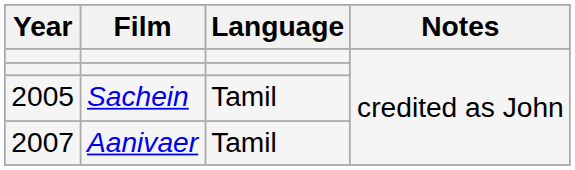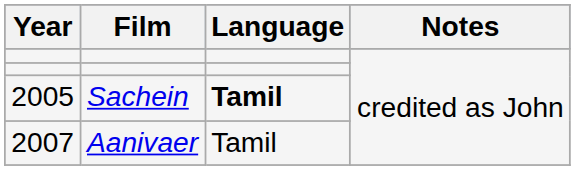 <table class="wikitable sortable" style="background:#f5f5f5;">
 <tr style="background:#B0C4DE;">
 <th>Year</th>
 <th>Film</th>
 <th>Language</th>
 <th class=unsortable>Notes</th>
 </tr>
 <tr>
 <td></td>
 <td></td>
 <td></td>
 <td rowspan="4">credited as John</td>
 </tr>
 <tr>
 <td></td>
 <td></td>
 <td></td>
 </tr>
 <tr>
 <td>2005</td>
 <td><em><a href='#'>Sachein</a></em></td>
-<td>Tamil</td>
+<td><strong>Tamil</strong></td>
 </tr>
 <tr>
 <td>2007</td>
 <td><em><a href='#'>Aanivaer</a></em></td>
 <td>Tamil</td>
 </tr>
 </table>
